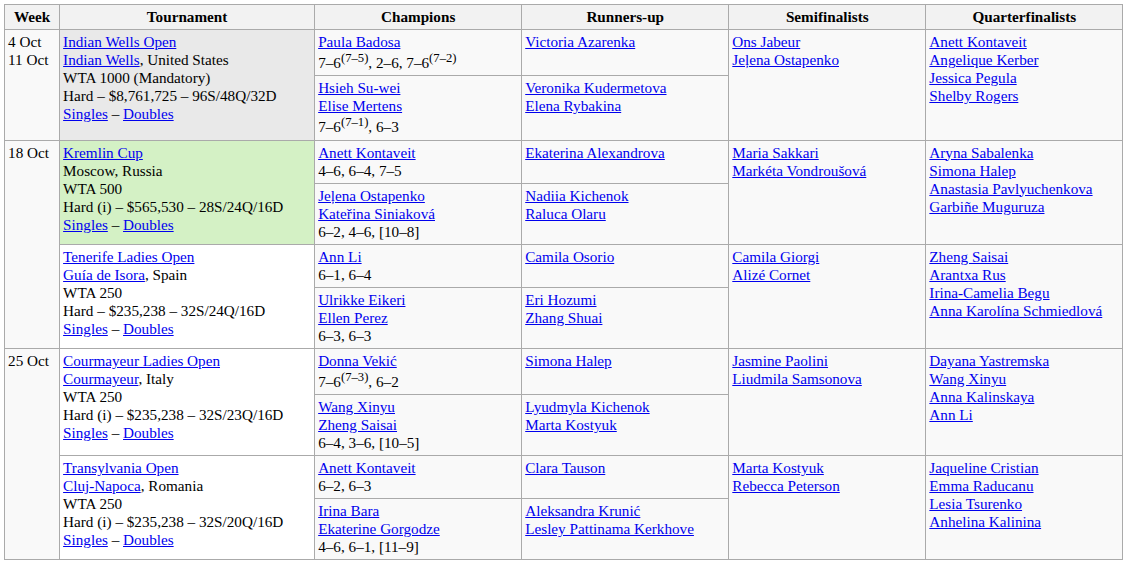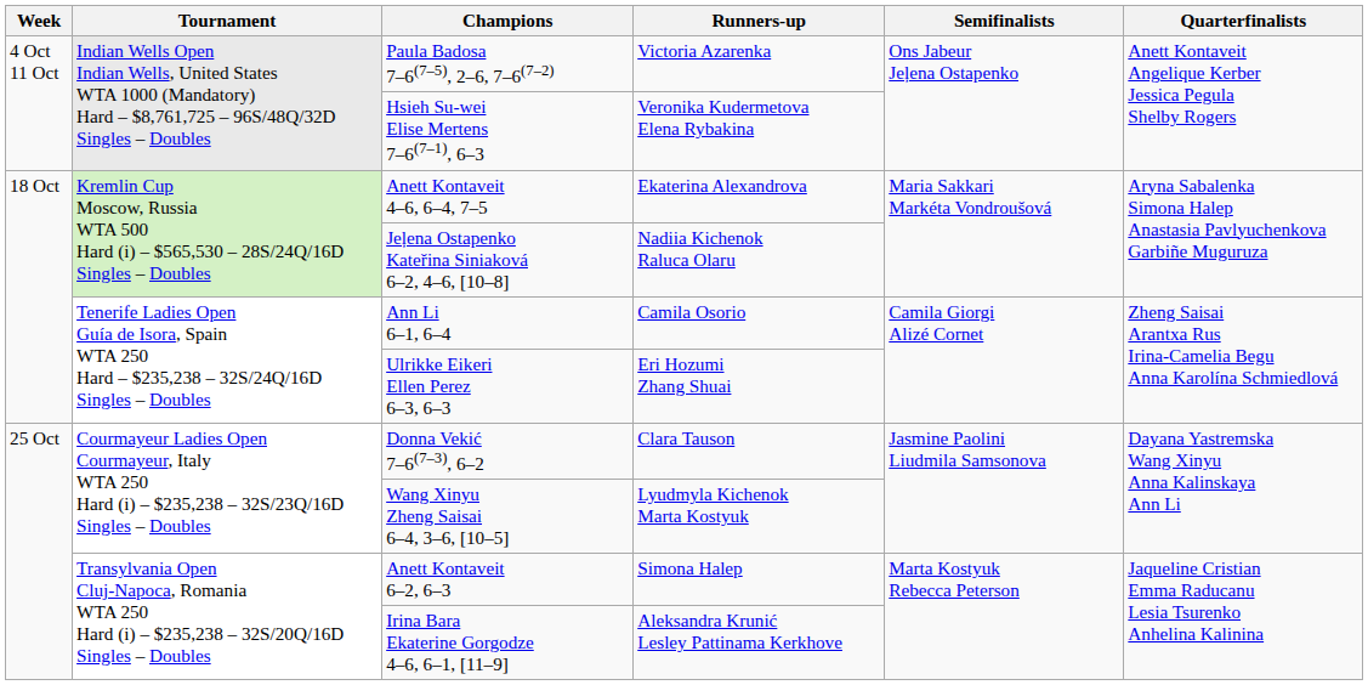 <table class=wikitable style=font-size:95%>
 <tr>
 <th style="width:48px;">Week</th>
 <th style="width:248px;">Tournament</th>
 <th style="width:200px;">Champions</th>
 <th style="width:200px;">Runners-up</th>
 <th style="width:190px;">Semifinalists</th>
 <th style="width:190px;">Quarterfinalists</th>
 </tr>
 <tr style="vertical-align:top">
 <td rowspan=2>4 Oct <br>11 Oct</td>
 <td style="background:#e9e9e9;" rowspan=2><a href='#'>Indian Wells Open</a><br> <a href='#'>Indian Wells</a>, United States<br>WTA 1000 (Mandatory)<br>Hard – $8,761,725 – 96S/48Q/32D <br> <a href='#'>Singles</a> – <a href='#'>Doubles</a></td>
 <td> <a href='#'>Paula Badosa</a> <br> 7–6<sup>(7–5)</sup>, 2–6, 7–6<sup>(7–2)</sup></td>
 <td> <a href='#'>Victoria Azarenka</a></td>
 <td rowspan=2> <a href='#'>Ons Jabeur</a> <br>  <a href='#'>Jeļena Ostapenko</a></td>
 <td rowspan=2> <a href='#'>Anett Kontaveit</a> <br>  <a href='#'>Angelique Kerber</a> <br>  <a href='#'>Jessica Pegula</a> <br>  <a href='#'>Shelby Rogers</a></td>
 </tr>
 <tr style="vertical-align:top" >
 <td> <a href='#'>Hsieh Su-wei</a> <br>  <a href='#'>Elise Mertens</a> <br> 7–6<sup>(7–1)</sup>, 6–3</td>
 <td> <a href='#'>Veronika Kudermetova</a> <br>  <a href='#'>Elena Rybakina</a></td>
 </tr>
 <tr style="vertical-align:top">
 <td rowspan=4>18 Oct</td>
 <td style="background:#D4F1C5;" rowspan=2><a href='#'>Kremlin Cup</a><br> Moscow, Russia<br>WTA 500<br>Hard (i) – $565,530 – 28S/24Q/16D <br> <a href='#'>Singles</a> – <a href='#'>Doubles</a></td>
 <td> <a href='#'>Anett Kontaveit</a> <br> 4–6, 6–4, 7–5</td>
 <td> <a href='#'>Ekaterina Alexandrova</a></td>
 <td rowspan=2> <a href='#'>Maria Sakkari</a> <br>  <a href='#'>Markéta Vondroušová</a></td>
 <td rowspan=2> <a href='#'>Aryna Sabalenka</a> <br> <a href='#'>Simona Halep</a> <br> <a href='#'>Anastasia Pavlyuchenkova</a> <br>  <a href='#'>Garbiñe Muguruza</a></td>
 </tr>
 <tr style="vertical-align:top">
 <td> <a href='#'>Jeļena Ostapenko</a> <br>  <a href='#'>Kateřina Siniaková</a> <br> 6–2, 4–6, [10–8]</td>
 <td> <a href='#'>Nadiia Kichenok</a> <br>  <a href='#'>Raluca Olaru</a></td>
 </tr>
 <tr style="vertical-align:top">
 <td style="background:#fff;" rowspan=2><a href='#'>Tenerife Ladies Open</a><br> <a href='#'>Guía de Isora</a>, Spain<br>WTA 250<br>Hard – $235,238 – 32S/24Q/16D <br> <a href='#'>Singles</a> – <a href='#'>Doubles</a></td>
 <td> <a href='#'>Ann Li</a> <br> 6–1, 6–4</td>
 <td> <a href='#'>Camila Osorio</a></td>
 <td rowspan=2> <a href='#'>Camila Giorgi</a> <br>  <a href='#'>Alizé Cornet</a></td>
 <td rowspan=2> <a href='#'>Zheng Saisai</a> <br> <a href='#'>Arantxa Rus</a> <br> <a href='#'>Irina-Camelia Begu</a> <br>  <a href='#'>Anna Karolína Schmiedlová</a></td>
 </tr>
 <tr style="vertical-align:top">
 <td> <a href='#'>Ulrikke Eikeri</a> <br>  <a href='#'>Ellen Perez</a> <br>6–3, 6–3</td>
 <td> <a href='#'>Eri Hozumi</a> <br>  <a href='#'>Zhang Shuai</a></td>
 </tr>
 <tr style="vertical-align:top">
 <td rowspan="4">25 Oct</td>
 <td style="background:#fff;" rowspan=2><a href='#'>Courmayeur Ladies Open</a><br> <a href='#'>Courmayeur</a>, Italy<br>WTA 250<br>Hard (i) – $235,238 – 32S/23Q/16D <br> <a href='#'>Singles</a> – <a href='#'>Doubles</a></td>
 <td> <a href='#'>Donna Vekić</a> <br> 7–6<sup>(7–3)</sup>, 6–2</td>
-<td> <a href='#'>Simona Halep</a></td>
+<td> <a href='#'>Clara Tauson</a></td>
 <td rowspan=2> <a href='#'>Jasmine Paolini</a> <br>  <a href='#'>Liudmila Samsonova</a></td>
 <td rowspan=2> <a href='#'>Dayana Yastremska</a> <br> <a href='#'>Wang Xinyu</a> <br> <a href='#'>Anna Kalinskaya</a> <br>  <a href='#'>Ann Li</a></td>
 </tr>
 <tr style="vertical-align:top">
 <td> <a href='#'>Wang Xinyu</a> <br>  <a href='#'>Zheng Saisai</a> <br> 6–4, 3–6, [10–5]</td>
 <td> <a href='#'>Lyudmyla Kichenok</a> <br>  <a href='#'>Marta Kostyuk</a></td>
 </tr>
 <tr style="vertical-align:top">
 <td style="background:#fff;" rowspan=2><a href='#'>Transylvania Open</a><br> <a href='#'>Cluj-Napoca</a>, Romania<br>WTA 250<br>Hard (i) – $235,238 – 32S/20Q/16D <br> <a href='#'>Singles</a> – <a href='#'>Doubles</a></td>
 <td> <a href='#'>Anett Kontaveit</a> <br> 6–2, 6–3</td>
-<td> <a href='#'>Clara Tauson</a></td>
+<td> <a href='#'>Simona Halep</a></td>
 <td rowspan=2> <a href='#'>Marta Kostyuk</a> <br>  <a href='#'>Rebecca Peterson</a></td>
 <td rowspan=2> <a href='#'>Jaqueline Cristian</a> <br> <a href='#'>Emma Raducanu</a> <br> <a href='#'>Lesia Tsurenko</a> <br>  <a href='#'>Anhelina Kalinina</a></td>
 </tr>
 <tr style="vertical-align:top">
 <td> <a href='#'>Irina Bara</a> <br>  <a href='#'>Ekaterine Gorgodze</a> <br> 4–6, 6–1, [11–9]</td>
 <td> <a href='#'>Aleksandra Krunić</a> <br>  <a href='#'>Lesley Pattinama Kerkhove</a></td>
 </tr>
 <tr style="vertical-align:top">
 </tr>
 </table>
